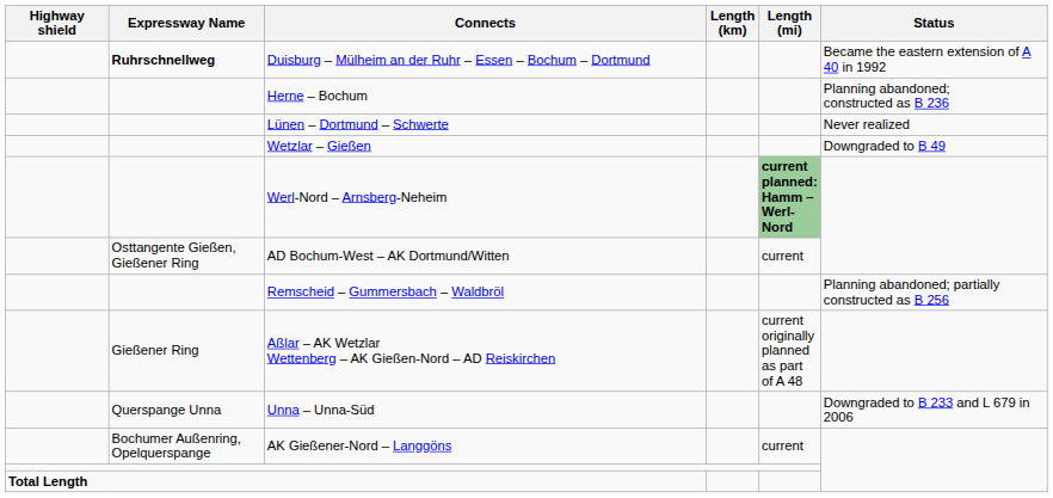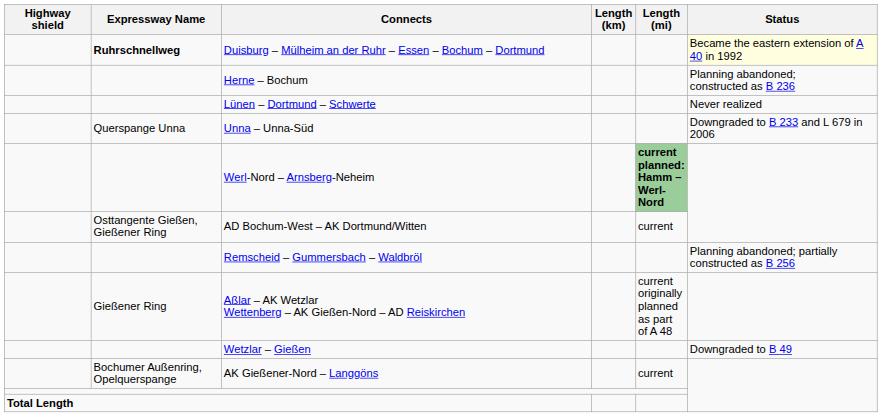 <table class="wikitable">
 <tr>
 <th style="width:10%;">Highway shield</th>
 <th style="width:15%;">Expressway Name</th>
 <th style="width:43%;">Connects</th>
 <th style="width:5%;">Length<br>(km)</th>
 <th style="width:5%;">Length<br>(mi)</th>
 <th style="width:25%;">Status<br></th>
 </tr>
 <tr>
 <td></td>
 <td><strong>Ruhrschnellweg</strong></td>
 <td><a href='#'>Duisburg</a> – <a href='#'>Mülheim an der Ruhr</a> – <a href='#'>Essen</a> – <a href='#'>Bochum</a> – <a href='#'>Dortmund</a></td>
 <td></td>
 <td></td>
-<td>Became the eastern extension of <a href='#'>A 40</a> in 1992<br></td>
+<td style="background: lightyellow;">Became the eastern extension of <a href='#'>A 40</a> in 1992<br></td>
 </tr>
 <tr>
 <td></td>
 <td></td>
 <td><a href='#'>Herne</a> – Bochum</td>
 <td></td>
 <td></td>
 <td>Planning abandoned;<br>constructed as <a href='#'>B 236</a><br></td>
 </tr>
 <tr>
 <td></td>
 <td></td>
 <td><a href='#'>Lünen</a> – <a href='#'>Dortmund</a> – <a href='#'>Schwerte</a></td>
 <td></td>
 <td></td>
 <td>Never realized<br></td>
 </tr>
 <tr>
 <td></td>
-<td></td>
-<td><a href='#'>Wetzlar</a> – <a href='#'>Gießen</a></td>
+<td>Querspange Unna</td>
+<td><a href='#'>Unna</a> – Unna-Süd</td>
 <td></td>
 <td></td>
-<td>Downgraded to <a href='#'>B 49</a><br></td>
+<td>Downgraded to <a href='#'>B 233</a> and L 679 in 2006<br></td>
 </tr>
 <tr>
 <td></td>
 <td></td>
 <td><a href='#'>Werl</a>-Nord – <a href='#'>Arnsberg</a>-Neheim</td>
 <td></td>
 <td style="background-color:#9BCD9B"><strong>current<br>planned: Hamm – Werl-Nord </strong></td>
 </tr>
 <tr>
 <td></td>
 <td>Osttangente Gießen, Gießener Ring</td>
 <td>AD Bochum-West – AK Dortmund/Witten</td>
 <td></td>
 <td>current<br></td>
 </tr>
 <tr>
 <td></td>
 <td></td>
 <td><a href='#'>Remscheid</a> – <a href='#'>Gummersbach</a> – <a href='#'>Waldbröl</a></td>
 <td></td>
 <td></td>
 <td>Planning abandoned; partially constructed as <a href='#'>B 256</a><br></td>
 </tr>
 <tr>
 <td></td>
 <td>Gießener Ring</td>
 <td><a href='#'>Aßlar</a> – AK Wetzlar<br><a href='#'>Wettenberg</a> – AK Gießen-Nord – AD <a href='#'>Reiskirchen</a></td>
 <td></td>
 <td>current<br>originally planned as part of A 48<br></td>
 </tr>
 <tr>
 <td></td>
-<td>Querspange Unna</td>
-<td><a href='#'>Unna</a> – Unna-Süd</td>
+<td></td>
+<td><a href='#'>Wetzlar</a> – <a href='#'>Gießen</a></td>
 <td></td>
 <td></td>
-<td>Downgraded to <a href='#'>B 233</a> and L 679 in 2006<br></td>
+<td>Downgraded to <a href='#'>B 49</a><br></td>
 </tr>
 <tr>
 <td></td>
 <td>Bochumer Außenring, Opelquerspange</td>
 <td>AK Gießener-Nord – <a href='#'>Langgöns</a></td>
 <td></td>
 <td>current<br></td>
 </tr>
 <tr>
 <td colspan="5"></td>
 </tr>
 <tr style="font-weight:bold;">
 <td colspan="3">Total Length</td>
 <td></td>
 <td colspan="1"></td>
 </tr>
 </table>
